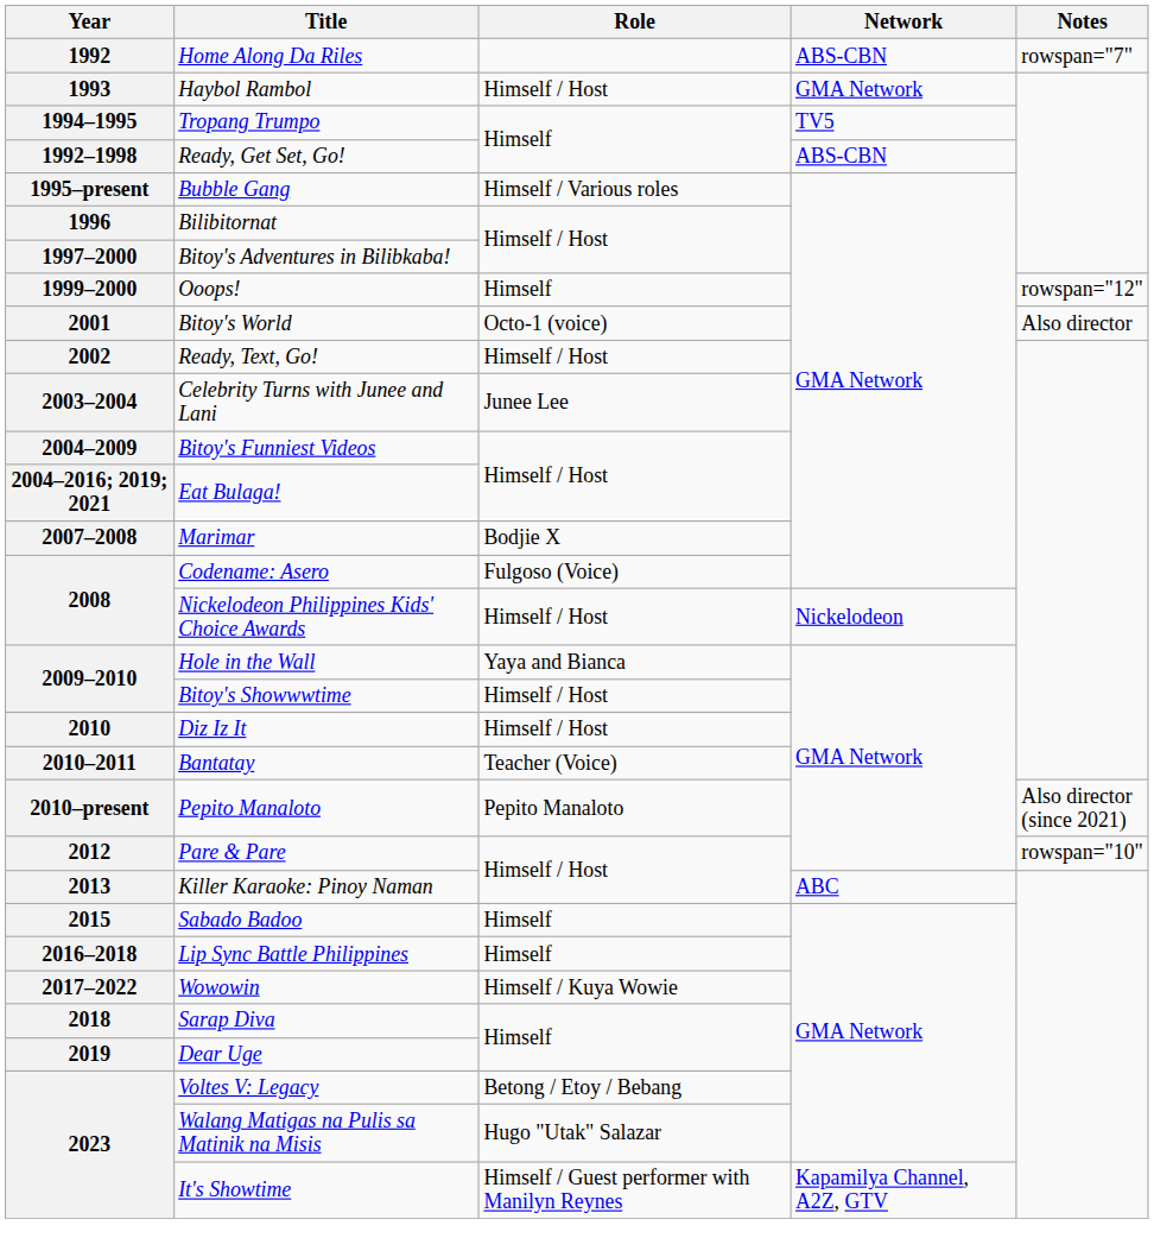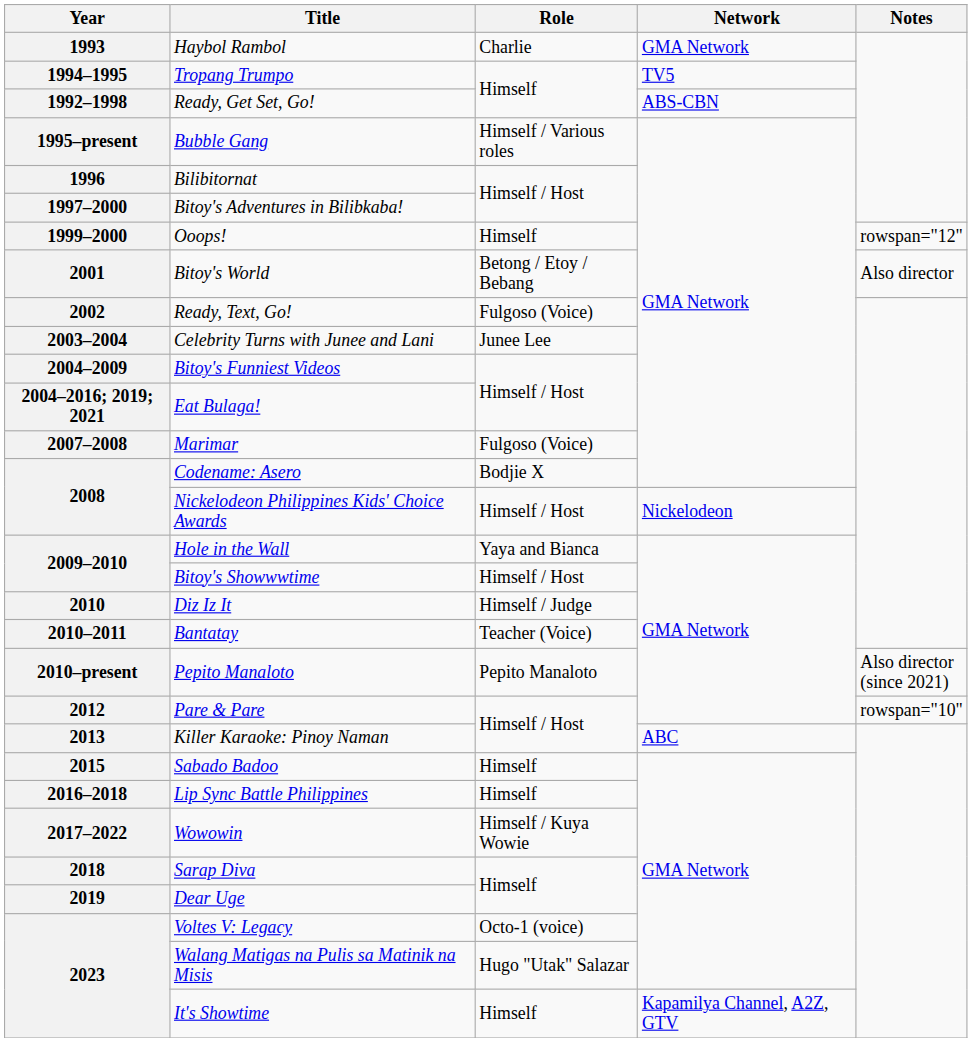 <table class="wikitable sortable plainrowheaders">
 <tr>
 <th Scope="col">Year</th>
 <th Scope="col">Title</th>
 <th Scope="col">Role</th>
 <th Scope="col">Network</th>
 <th Scope="col">Notes</th>
 </tr>
 <tr>
-<th Scope="row">1992</th>
-<td><em><a href='#'>Home Along Da Riles</a></em></td>
-<td></td>
-<td><a href='#'>ABS-CBN</a></td>
-<td>rowspan="7" </td>
-</tr>
-<tr>
 <th Scope="row">1993</th>
 <td><em>Haybol Rambol</em></td>
-<td>Himself / Host</td>
+<td>Charlie</td>
 <td rowspan="1"><a href='#'>GMA Network</a></td>
 </tr>
 <tr>
 <th Scope="row">1994–1995</th>
 <td><em><a href='#'>Tropang Trumpo</a></em></td>
 <td rowspan="2">Himself</td>
 <td><a href='#'>TV5</a></td>
 </tr>
 <tr>
 <th Scope="row">1992–1998</th>
 <td><em>Ready, Get Set, Go!</em></td>
 <td><a href='#'>ABS-CBN</a></td>
 </tr>
 <tr>
 <th scope="row">1995–present</th>
 <td><em><a href='#'>Bubble Gang</a></em></td>
 <td>Himself / Various roles</td>
 <td rowspan="11"><a href='#'>GMA Network</a></td>
 </tr>
 <tr>
 <th Scope="row">1996</th>
 <td><em>Bilibitornat</em></td>
 <td rowspan="2">Himself / Host</td>
 </tr>
 <tr>
 <th scope="row">1997–2000</th>
 <td><em>Bitoy's Adventures in Bilibkaba!</em></td>
 </tr>
 <tr>
 <th scope="row">1999–2000</th>
 <td><em>Ooops!</em></td>
 <td>Himself</td>
 <td>rowspan="12" </td>
 </tr>
 <tr>
 <th scope="row">2001</th>
 <td><em>Bitoy's World</em></td>
-<td>Octo-1 (voice)</td>
+<td>Betong / Etoy / Bebang</td>
 <td>Also director</td>
 </tr>
 <tr>
 <th scope="row">2002</th>
 <td><em>Ready, Text, Go!</em></td>
-<td>Himself / Host</td>
+<td>Fulgoso (Voice)</td>
 </tr>
 <tr>
 <th scope="row">2003–2004</th>
 <td><em>Celebrity Turns with Junee and Lani</em></td>
 <td>Junee Lee</td>
 </tr>
 <tr>
 <th scope="row">2004–2009</th>
 <td><em><a href='#'>Bitoy's Funniest Videos</a></em></td>
 <td rowspan="2">Himself / Host</td>
 </tr>
 <tr>
 <th scope="row">2004–2016; 2019; 2021</th>
 <td><em><a href='#'>Eat Bulaga!</a></em></td>
 </tr>
 <tr>
 <th scope="row">2007–2008</th>
 <td><em><a href='#'>Marimar</a></em></td>
-<td>Bodjie X</td>
+<td>Fulgoso (Voice)</td>
 </tr>
 <tr>
 <th rowspan="2" scope="row">2008</th>
 <td><em><a href='#'>Codename: Asero</a></em></td>
-<td>Fulgoso (Voice)</td>
+<td>Bodjie X</td>
 </tr>
 <tr>
 <td><em><a href='#'>Nickelodeon Philippines Kids' Choice Awards</a></em></td>
 <td>Himself / Host</td>
 <td><a href='#'>Nickelodeon</a></td>
 </tr>
 <tr>
 <th rowspan="2" Scope="row">2009–2010</th>
 <td><em><a href='#'>Hole in the Wall</a></em></td>
 <td>Yaya and Bianca</td>
 <td rowspan="6"><a href='#'>GMA Network</a></td>
 </tr>
 <tr>
 <td><em><a href='#'>Bitoy's Showwwtime</a></em></td>
 <td>Himself / Host</td>
 </tr>
 <tr>
 <th Scope="row">2010</th>
 <td><em><a href='#'>Diz Iz It</a></em></td>
-<td>Himself / Host</td>
+<td>Himself / Judge</td>
 </tr>
 <tr>
 <th Scope="row">2010–2011</th>
 <td><em><a href='#'>Bantatay</a></em></td>
 <td>Teacher (Voice)</td>
 </tr>
 <tr>
 <th Scope="row">2010–present</th>
 <td><em><a href='#'>Pepito Manaloto</a></em></td>
 <td>Pepito Manaloto</td>
 <td>Also director <br> (since 2021)</td>
 </tr>
 <tr>
 <th Scope="row">2012</th>
 <td><em><a href='#'>Pare & Pare</a></em></td>
 <td rowspan="2">Himself / Host</td>
 <td>rowspan="10" </td>
 </tr>
 <tr>
 <th Scope="row">2013</th>
 <td><em>Killer Karaoke: Pinoy Naman</em></td>
 <td><a href='#'>ABC</a></td>
 </tr>
 <tr>
 <th Scope="row">2015</th>
 <td><em><a href='#'>Sabado Badoo</a></em></td>
 <td>Himself</td>
 <td rowspan="7"><a href='#'>GMA Network</a></td>
 </tr>
 <tr>
 <th Scope="row">2016–2018</th>
 <td><em><a href='#'>Lip Sync Battle Philippines</a></em></td>
 <td>Himself</td>
 </tr>
 <tr>
 <th Scope="row">2017–2022</th>
 <td><em><a href='#'>Wowowin</a></em></td>
 <td>Himself / Kuya Wowie</td>
 </tr>
 <tr>
 <th Scope="row">2018</th>
 <td><em><a href='#'>Sarap Diva</a></em></td>
 <td rowspan="2">Himself</td>
 </tr>
 <tr>
 <th Scope="row">2019</th>
 <td><em><a href='#'>Dear Uge</a></em></td>
 </tr>
 <tr>
 <th rowspan="3" scope="row">2023</th>
 <td><em><a href='#'>Voltes V: Legacy</a></em></td>
-<td>Betong / Etoy / Bebang</td>
+<td>Octo-1 (voice)</td>
 </tr>
 <tr>
 <td><em><a href='#'>Walang Matigas na Pulis sa Matinik na Misis</a></em></td>
 <td>Hugo "Utak" Salazar</td>
 </tr>
 <tr>
 <td><em><a href='#'>It's Showtime</a></em></td>
-<td>Himself / Guest performer with <a href='#'>Manilyn Reynes</a></td>
+<td>Himself</td>
 <td rowspan="1"><a href='#'>Kapamilya Channel</a>, <a href='#'>A2Z</a>, <a href='#'>GTV</a></td>
 </tr>
 </table>
